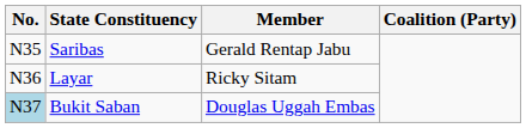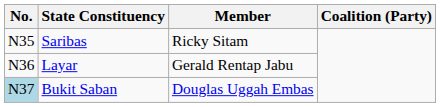 <table class="wikitable">
 <tr>
 <th>No.</th>
 <th>State Constituency</th>
 <th>Member</th>
 <th>Coalition (Party)</th>
 </tr>
 <tr>
 <td>N35</td>
 <td><a href='#'>Saribas</a></td>
-<td>Gerald Rentap Jabu</td>
+<td>Ricky Sitam</td>
 <td rowspan="3"></td>
 </tr>
 <tr>
 <td>N36</td>
 <td><a href='#'>Layar</a></td>
-<td>Ricky Sitam</td>
+<td>Gerald Rentap Jabu</td>
 </tr>
 <tr>
 <td style="background: lightblue;">N37</td>
 <td><a href='#'>Bukit Saban</a></td>
 <td><a href='#'>Douglas Uggah Embas</a></td>
 </tr>
 </table>
